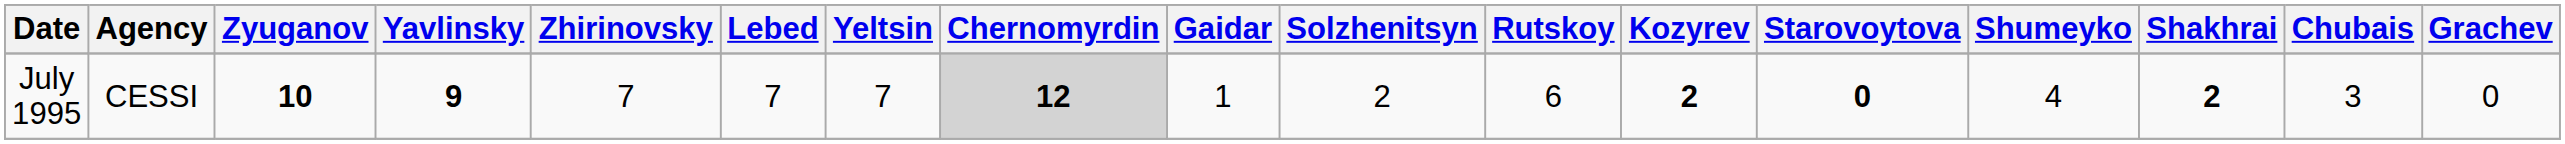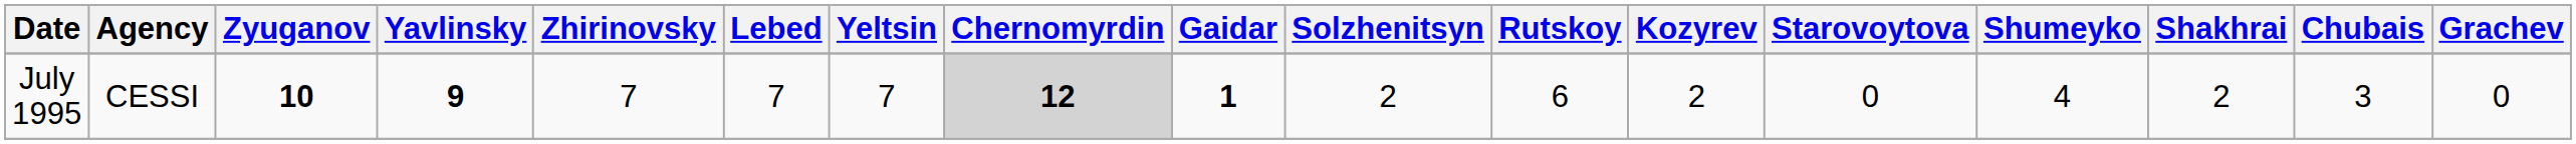 <table class=wikitable style=text-align:center>
 <tr>
 <th>Date</th>
 <th>Agency</th>
 <th><a href='#'>Zyuganov</a></th>
 <th><a href='#'>Yavlinsky</a></th>
 <th><a href='#'>Zhirinovsky</a></th>
 <th><a href='#'>Lebed</a></th>
 <th><a href='#'>Yeltsin</a></th>
 <th><a href='#'>Chernomyrdin</a></th>
 <th><a href='#'>Gaidar</a></th>
 <th><a href='#'>Solzhenitsyn</a></th>
 <th><a href='#'>Rutskoy</a></th>
 <th><a href='#'>Kozyrev</a></th>
 <th><a href='#'>Starovoytova</a></th>
 <th><a href='#'>Shumeyko</a></th>
 <th><a href='#'>Shakhrai</a></th>
 <th><a href='#'>Chubais</a></th>
 <th><a href='#'>Grachev</a></th>
 </tr>
 <tr>
 </tr>
 <tr>
 <td>July 1995</td>
 <td>CESSI</td>
 <td><strong>10</strong></td>
 <td><strong>9</strong></td>
 <td>7</td>
 <td>7</td>
 <td>7</td>
 <td style="background:#D3D3D3"><strong>12</strong></td>
-<td>1</td>
+<td><strong>1</strong></td>
 <td>2</td>
 <td>6</td>
-<td><strong>2</strong></td>
-<td><strong>0</strong></td>
+<td>2</td>
+<td>0</td>
 <td>4</td>
-<td><strong>2</strong></td>
+<td>2</td>
 <td>3</td>
 <td>0</td>
 </tr>
 <tr>
 </tr>
 </table>
